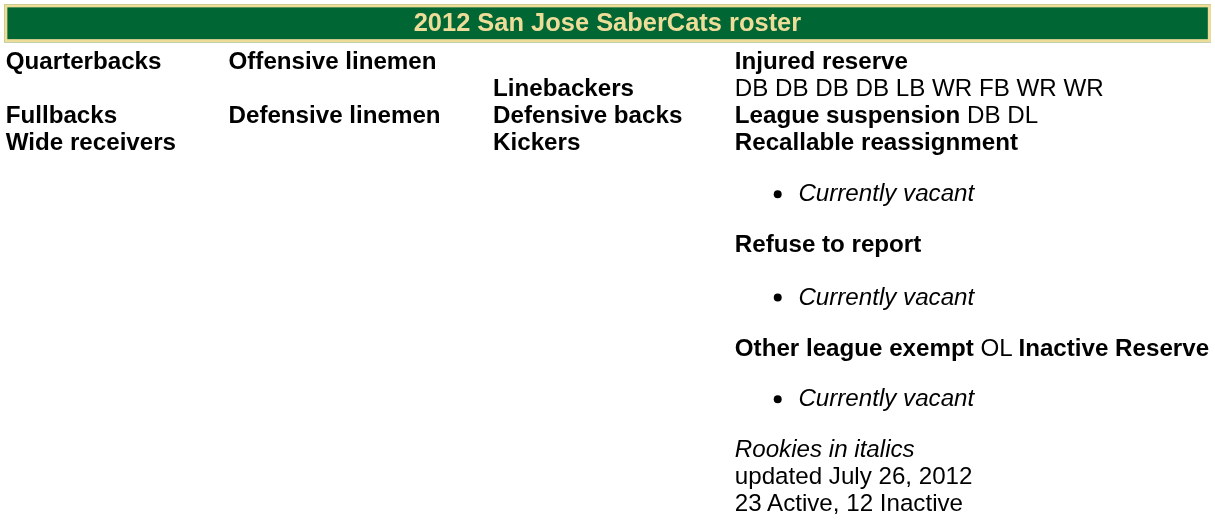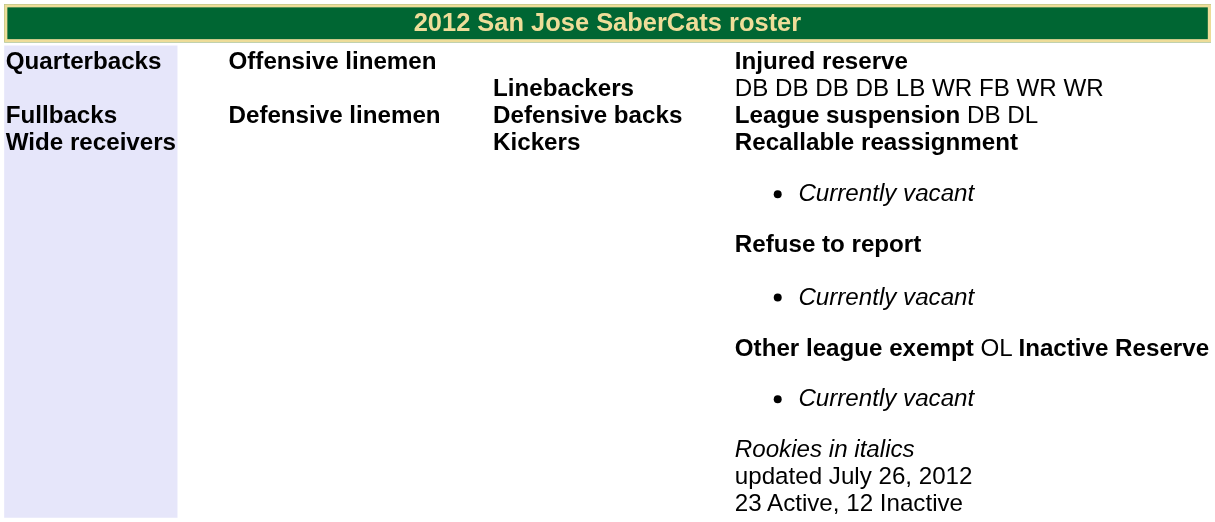 <table class="toccolours" style="text-align: left;">
 <tr>
 <th colspan=7 style="background:#063; border: 2px solid #ed9; color:#ed9; text-align:center;"><strong>2012 San Jose SaberCats roster</strong></th>
 </tr>
 <tr>
-<td style="font-size: 95%;" valign="top"><strong>Quarterbacks</strong><br> <br><strong>Fullbacks</strong> <br><strong>Wide receivers</strong>     </td>
+<td style="background: lavender; font-size: 95%;" valign="top"><strong>Quarterbacks</strong><br> <br><strong>Fullbacks</strong> <br><strong>Wide receivers</strong>     </td>
 <td style="width: 25px;"></td>
 <td style="font-size: 95%;" valign="top"><strong>Offensive linemen</strong><br>    <br><strong>Defensive linemen</strong>     </td>
 <td style="width: 25px;"></td>
 <td style="font-size: 95%;" valign="top"><br><strong>Linebackers</strong>  <br><strong>Defensive backs</strong>   <br><strong>Kickers</strong> </td>
 <td style="width: 25px;"></td>
 <td style="font-size: 95%;" valign="top"><strong>Injured reserve</strong><br> DB  DB  DB  DB  LB  WR  FB  WR  WR<br><strong>League suspension</strong>  DB  DL<br><strong>Recallable reassignment</strong><ul><li><em>Currently vacant</em></li></ul><strong>Refuse to report</strong><ul><li><em>Currently vacant</em></li></ul><strong>Other league exempt</strong>  OL <strong>Inactive Reserve</strong><ul><li><em>Currently vacant</em></li></ul> <em>Rookies in italics</em><br> <span></span> updated July 26, 2012<br> 23 Active, 12 Inactive </td>
 </tr>
 <tr>
 </tr>
 </table>
